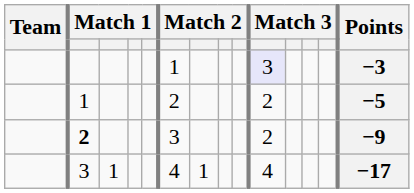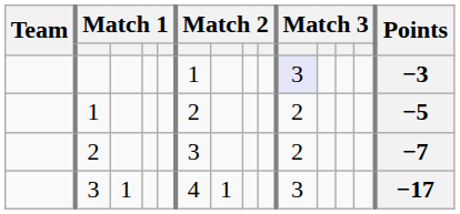 <table class="wikitable sortable" style="text-align:center;">
 <tr>
 <th rowspan=2>Team</th>
 <th colspan=4 style="border-left:3px solid gray">Match 1</th>
 <th colspan=4 style="border-left:3px solid gray">Match 2</th>
 <th colspan=4 style="border-left:3px solid gray">Match 3</th>
 <th rowspan=2 style="border-left:3px solid gray">Points</th>
 </tr>
 <tr>
 <th style="border-left:3px solid gray"></th>
 <th></th>
 <th></th>
 <th></th>
 <th style="border-left:3px solid gray"></th>
 <th></th>
 <th></th>
 <th></th>
 <th style="border-left:3px solid gray"></th>
 <th></th>
 <th></th>
 <th></th>
 </tr>
 <tr>
 <td align=left></td>
 <td style="border-left:3px solid gray"></td>
 <td></td>
 <td></td>
 <td></td>
 <td style="border-left:3px solid gray">1</td>
 <td></td>
 <td></td>
 <td></td>
 <td style="background: lavender; border-left:3px solid gray">3</td>
 <td></td>
 <td></td>
 <td></td>
 <th style="border-left:3px solid gray">−3</th>
 </tr>
 <tr>
 <td align=left></td>
 <td style="border-left:3px solid gray">1</td>
 <td></td>
 <td></td>
 <td></td>
 <td style="border-left:3px solid gray">2</td>
 <td></td>
 <td></td>
 <td></td>
 <td style="border-left:3px solid gray">2</td>
 <td></td>
 <td></td>
 <td></td>
 <th style="border-left:3px solid gray">−5</th>
 </tr>
 <tr>
 <td align=left></td>
-<td style="border-left:3px solid gray"><strong>2</strong></td>
+<td style="border-left:3px solid gray">2</td>
 <td></td>
 <td></td>
 <td></td>
 <td style="border-left:3px solid gray">3</td>
 <td></td>
 <td></td>
 <td></td>
 <td style="border-left:3px solid gray">2</td>
 <td></td>
 <td></td>
 <td></td>
-<th style="border-left:3px solid gray">−9</th>
+<th style="border-left:3px solid gray">−7</th>
 </tr>
 <tr>
 <td align=left></td>
 <td style="border-left:3px solid gray">3</td>
 <td>1</td>
 <td></td>
 <td></td>
 <td style="border-left:3px solid gray">4</td>
 <td>1</td>
 <td></td>
 <td></td>
-<td style="border-left:3px solid gray">4</td>
+<td style="border-left:3px solid gray">3</td>
 <td></td>
 <td></td>
 <td></td>
 <th style="border-left:3px solid gray">−17</th>
 </tr>
 </table>
